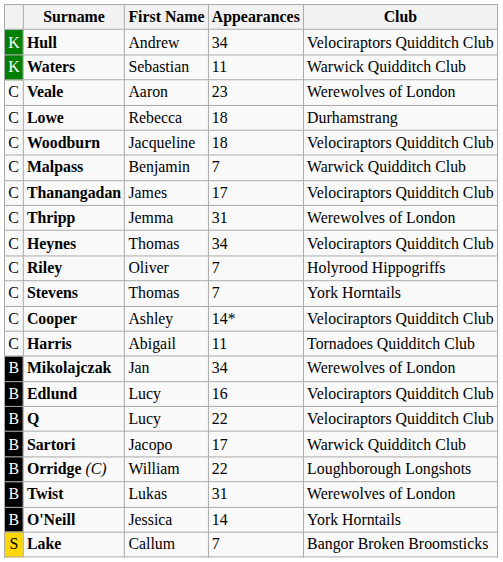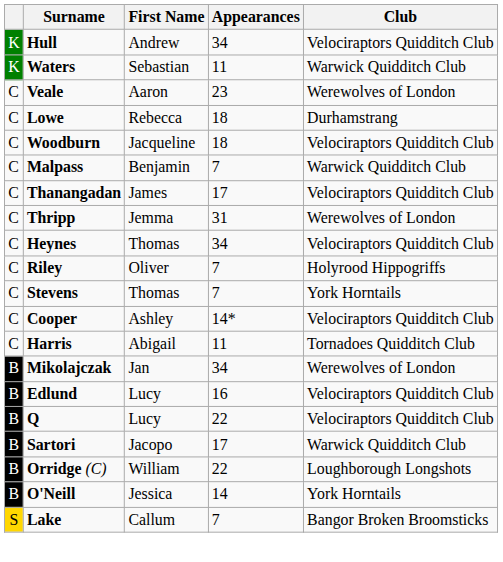 <table class="wikitable sortable mw-collapsible mw-collapsed">
 <tr>
 <th></th>
 <th>Surname</th>
 <th>First Name</th>
 <th>Appearances</th>
 <th>Club</th>
 </tr>
 <tr>
 <td style="text-align:center; background:Green; color:white">K</td>
 <td><strong>Hull</strong></td>
 <td>Andrew</td>
 <td>34</td>
 <td>Velociraptors Quidditch Club</td>
 </tr>
 <tr>
 <td style="text-align:center; background:Green; color:white">K</td>
 <td><strong>Waters</strong></td>
 <td>Sebastian</td>
 <td>11</td>
 <td>Warwick Quidditch Club</td>
 </tr>
 <tr>
 <td>C</td>
 <td><strong>Veale</strong></td>
 <td>Aaron</td>
 <td>23</td>
 <td>Werewolves of London</td>
 </tr>
 <tr>
 <td>C</td>
 <td><strong>Lowe</strong></td>
 <td>Rebecca</td>
 <td>18</td>
 <td>Durhamstrang</td>
 </tr>
 <tr>
 <td>C</td>
 <td><strong>Woodburn</strong></td>
 <td>Jacqueline</td>
 <td>18</td>
 <td>Velociraptors Quidditch Club</td>
 </tr>
 <tr>
 <td>C</td>
 <td><strong>Malpass</strong></td>
 <td>Benjamin</td>
 <td>7</td>
 <td>Warwick Quidditch Club</td>
 </tr>
 <tr>
 <td>C</td>
 <td><strong>Thanangadan</strong></td>
 <td>James</td>
 <td>17</td>
 <td>Velociraptors Quidditch Club</td>
 </tr>
 <tr>
 <td>C</td>
 <td><strong>Thripp</strong></td>
 <td>Jemma</td>
 <td>31</td>
 <td>Werewolves of London</td>
 </tr>
 <tr>
 <td>C</td>
 <td><strong>Heynes</strong></td>
 <td>Thomas</td>
 <td>34</td>
 <td>Velociraptors Quidditch Club</td>
 </tr>
 <tr>
 <td>C</td>
 <td><strong>Riley</strong></td>
 <td>Oliver</td>
 <td>7</td>
 <td>Holyrood Hippogriffs</td>
 </tr>
 <tr>
 <td>C</td>
 <td><strong>Stevens</strong></td>
 <td>Thomas</td>
 <td>7</td>
 <td>York Horntails</td>
 </tr>
 <tr>
 <td>C</td>
 <td><strong>Cooper</strong></td>
 <td>Ashley</td>
 <td>14*</td>
 <td>Velociraptors Quidditch Club</td>
 </tr>
 <tr>
 <td>C</td>
 <td><strong>Harris</strong></td>
 <td>Abigail</td>
 <td>11</td>
 <td>Tornadoes Quidditch Club</td>
 </tr>
 <tr>
 <td style="text-align:center; background:Black; color:white">B</td>
 <td><strong>Mikolajczak</strong></td>
 <td>Jan</td>
 <td>34</td>
 <td>Werewolves of London</td>
 </tr>
 <tr>
 <td style="text-align:center; background:Black; color:white">B</td>
 <td><strong>Edlund</strong></td>
 <td>Lucy</td>
 <td>16</td>
 <td>Velociraptors Quidditch Club</td>
 </tr>
 <tr>
 <td style="text-align:center; background:Black; color:white">B</td>
 <td><strong>Q</strong></td>
 <td>Lucy</td>
 <td>22</td>
 <td>Velociraptors Quidditch Club</td>
 </tr>
 <tr>
 <td style="text-align:center; background:Black; color:white">B</td>
 <td><strong>Sartori</strong></td>
 <td>Jacopo</td>
 <td>17</td>
 <td>Warwick Quidditch Club</td>
 </tr>
 <tr>
 <td style="text-align:center; background:Black; color:white">B</td>
 <td><strong>Orridge</strong> <em>(C)</em></td>
 <td>William</td>
 <td>22</td>
 <td>Loughborough Longshots</td>
 </tr>
 <tr>
 <td style="text-align:center; background:Black; color:white">B</td>
-<td><strong>Twist</strong></td>
-<td>Lukas</td>
-<td>31</td>
-<td>Werewolves of London</td>
-</tr>
-<tr>
-<td style="text-align:center; background:Black; color:white">B</td>
 <td><strong>O'Neill</strong></td>
 <td>Jessica</td>
 <td>14</td>
 <td>York Horntails</td>
 </tr>
 <tr>
 <td style="text-align:center; background:Gold">S</td>
 <td><strong>Lake</strong></td>
 <td>Callum</td>
 <td>7</td>
 <td>Bangor Broken Broomsticks</td>
 </tr>
 </table>
